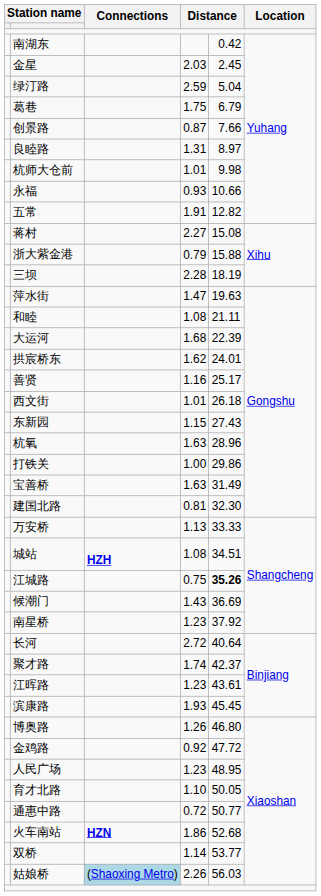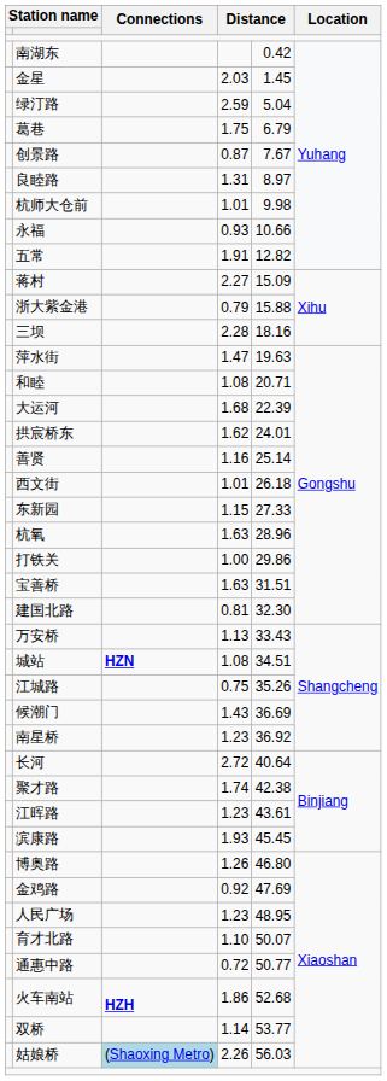 <table class="wikitable">
 <tr>
 <th colspan="2">Station name</th>
 <th rowspan="2">Connections</th>
 <th colspan="2" rowspan="2">Distance<br></th>
 <th rowspan="2">Location</th>
 </tr>
 <tr>
 <th></th>
 <th></th>
 </tr>
 <tr style="background:#">
 <td colspan = "7"></td>
 </tr>
 <tr>
 <td></td>
 <td><span>南湖东</span></td>
 <td></td>
 <td></td>
 <td align=right>0.42</td>
 <td style="background:#F8F9FA;" rowspan="9"><a href='#'>Yuhang</a></td>
 </tr>
 <tr>
 <td></td>
 <td><span>金星</span></td>
 <td></td>
 <td>2.03</td>
-<td align=right>2.45</td>
+<td align=right>1.45</td>
 </tr>
 <tr>
 <td></td>
 <td><span>绿汀路</span></td>
 <td> </td>
 <td>2.59</td>
 <td align=right>5.04</td>
 </tr>
 <tr>
 <td></td>
 <td><span>葛巷</span></td>
 <td></td>
 <td>1.75</td>
 <td align=right>6.79</td>
 </tr>
 <tr>
 <td></td>
 <td><span>创景路</span></td>
 <td></td>
 <td>0.87</td>
-<td align=right>7.66</td>
+<td align=right>7.67</td>
 </tr>
 <tr>
 <td></td>
 <td><span>良睦路</span></td>
 <td></td>
 <td>1.31</td>
 <td align=right>8.97</td>
 </tr>
 <tr>
 <td></td>
 <td><span>杭师大仓前</span></td>
 <td></td>
 <td>1.01</td>
 <td align=right>9.98</td>
 </tr>
 <tr>
 <td></td>
 <td><span>永福</span></td>
 <td></td>
 <td>0.93</td>
 <td>10.66</td>
 </tr>
 <tr>
 <td></td>
 <td><span>五常</span></td>
 <td></td>
 <td>1.91</td>
 <td>12.82</td>
 </tr>
 <tr>
 <td></td>
 <td><span>蒋村</span></td>
 <td></td>
 <td>2.27</td>
-<td>15.08</td>
+<td>15.09</td>
 <td rowspan="3"><a href='#'>Xihu</a></td>
 </tr>
 <tr>
 <td></td>
 <td><span>浙大紫金港</span></td>
 <td></td>
 <td>0.79</td>
 <td>15.88</td>
 </tr>
 <tr>
 <td></td>
 <td><span>三坝</span></td>
 <td></td>
 <td>2.28</td>
-<td>18.19</td>
+<td>18.16</td>
 </tr>
 <tr>
 <td></td>
 <td><span>萍水街</span></td>
 <td></td>
 <td>1.47</td>
 <td>19.63</td>
 <td rowspan="11"><a href='#'>Gongshu</a></td>
 </tr>
 <tr>
 <td></td>
 <td><span>和睦</span></td>
 <td></td>
 <td>1.08</td>
-<td>21.11</td>
+<td>20.71</td>
 </tr>
 <tr>
 <td></td>
 <td><span>大运河</span></td>
 <td></td>
 <td>1.68</td>
 <td>22.39</td>
 </tr>
 <tr>
 <td></td>
 <td><span>拱宸桥东</span></td>
 <td></td>
 <td>1.62</td>
 <td>24.01</td>
 </tr>
 <tr>
 <td></td>
 <td><span>善贤</span></td>
 <td></td>
 <td>1.16</td>
-<td>25.17</td>
+<td>25.14</td>
 </tr>
 <tr>
 <td></td>
 <td><span>西文街</span></td>
 <td></td>
 <td>1.01</td>
 <td>26.18</td>
 </tr>
 <tr>
 <td></td>
 <td><span>东新园</span></td>
 <td></td>
 <td>1.15</td>
-<td>27.43</td>
+<td>27.33</td>
 </tr>
 <tr>
 <td></td>
 <td><span>杭氧</span></td>
 <td></td>
 <td>1.63</td>
 <td>28.96</td>
 </tr>
 <tr>
 <td></td>
 <td><span>打铁关</span></td>
 <td></td>
 <td>1.00</td>
 <td>29.86</td>
 </tr>
 <tr>
 <td></td>
 <td><span>宝善桥</span></td>
 <td></td>
 <td>1.63</td>
-<td>31.49</td>
+<td>31.51</td>
 </tr>
 <tr>
 <td></td>
 <td><span>建国北路</span></td>
 <td></td>
 <td>0.81</td>
 <td>32.30</td>
 </tr>
 <tr>
 <td></td>
 <td><span>万安桥</span></td>
 <td></td>
 <td>1.13</td>
-<td>33.33</td>
+<td>33.43</td>
 <td rowspan="5"><a href='#'>Shangcheng</a></td>
 </tr>
 <tr>
 <td></td>
 <td><span>城站</span></td>
-<td><br> <strong><a href='#'>HZH</a></strong></td>
+<td> <strong><a href='#'>HZN</a></strong><br></td>
 <td>1.08</td>
 <td>34.51</td>
 </tr>
 <tr>
 <td></td>
 <td><span>江城路</span></td>
 <td></td>
 <td>0.75</td>
-<td><strong>35.26</strong></td>
+<td>35.26</td>
 </tr>
 <tr>
 <td></td>
 <td><span>候潮门</span></td>
 <td></td>
 <td>1.43</td>
 <td>36.69</td>
 </tr>
 <tr>
 <td></td>
 <td><span>南星桥</span></td>
 <td></td>
 <td>1.23</td>
-<td>37.92</td>
+<td>36.92</td>
 </tr>
 <tr>
 <td></td>
 <td><span>长河</span></td>
 <td></td>
 <td>2.72</td>
 <td>40.64</td>
 <td rowspan="4"><a href='#'>Binjiang</a></td>
 </tr>
 <tr>
 <td></td>
 <td><span>聚才路</span></td>
 <td></td>
 <td>1.74</td>
-<td>42.37</td>
+<td>42.38</td>
 </tr>
 <tr>
 <td></td>
 <td><span>江晖路</span></td>
 <td></td>
 <td>1.23</td>
 <td>43.61</td>
 </tr>
 <tr>
 <td></td>
 <td><span>滨康路</span></td>
 <td></td>
 <td>1.93</td>
 <td>45.45</td>
 </tr>
 <tr>
 <td></td>
 <td><span>博奥路</span></td>
 <td></td>
 <td>1.26</td>
 <td>46.80</td>
 <td rowspan="8"><a href='#'>Xiaoshan</a></td>
 </tr>
 <tr>
 <td></td>
 <td><span>金鸡路</span></td>
 <td></td>
 <td>0.92</td>
-<td>47.72</td>
+<td>47.69</td>
 </tr>
 <tr>
 <td></td>
 <td><span>人民广场</span></td>
 <td></td>
 <td>1.23</td>
 <td>48.95</td>
 </tr>
 <tr>
 <td></td>
 <td><span>育才北路</span></td>
 <td></td>
 <td>1.10</td>
-<td>50.05</td>
+<td>50.07</td>
 </tr>
 <tr>
 <td></td>
 <td><span>通惠中路</span></td>
 <td></td>
 <td>0.72</td>
 <td>50.77</td>
 </tr>
 <tr>
 <td></td>
 <td><span>火车南站</span></td>
-<td> <strong><a href='#'>HZN</a></strong><br></td>
+<td><br> <strong><a href='#'>HZH</a></strong></td>
 <td>1.86</td>
 <td>52.68</td>
 </tr>
 <tr>
 <td></td>
 <td><span>双桥</span></td>
 <td></td>
 <td>1.14</td>
 <td>53.77</td>
 </tr>
 <tr>
 <td></td>
 <td><span>姑娘桥</span></td>
 <td style="background: lightblue;"> (<a href='#'>Shaoxing Metro</a>)</td>
 <td>2.26</td>
 <td>56.03</td>
 </tr>
 <tr style="background:#">
 <td colspan = "7"></td>
 </tr>
 </table>
